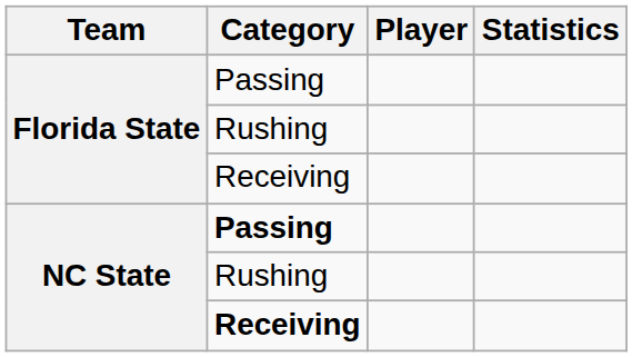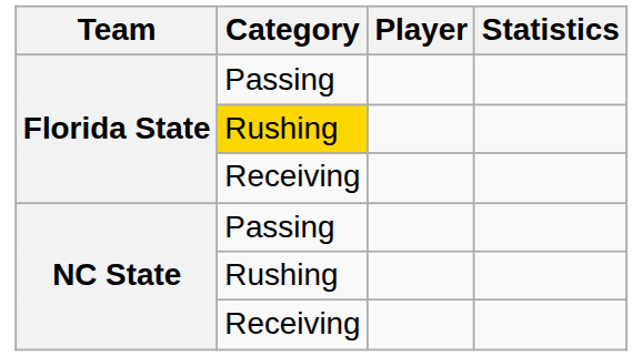 <table class="wikitable" style="float:right">
 <tr>
 <th>Team</th>
 <th>Category</th>
 <th>Player</th>
 <th>Statistics</th>
 </tr>
 <tr>
 <th rowspan=3>Florida State</th>
 <td>Passing</td>
 <td></td>
 <td></td>
 </tr>
 <tr>
-<td>Rushing</td>
+<td style="background: gold;">Rushing</td>
 <td></td>
 <td></td>
 </tr>
 <tr>
 <td>Receiving</td>
 <td></td>
 <td></td>
 </tr>
 <tr>
 <th rowspan=3>NC State</th>
-<td><strong>Passing</strong></td>
+<td>Passing</td>
 <td></td>
 <td></td>
 </tr>
 <tr>
 <td>Rushing</td>
 <td></td>
 <td></td>
 </tr>
 <tr>
-<td><strong>Receiving</strong></td>
+<td>Receiving</td>
 <td></td>
 <td></td>
 </tr>
 </table>
